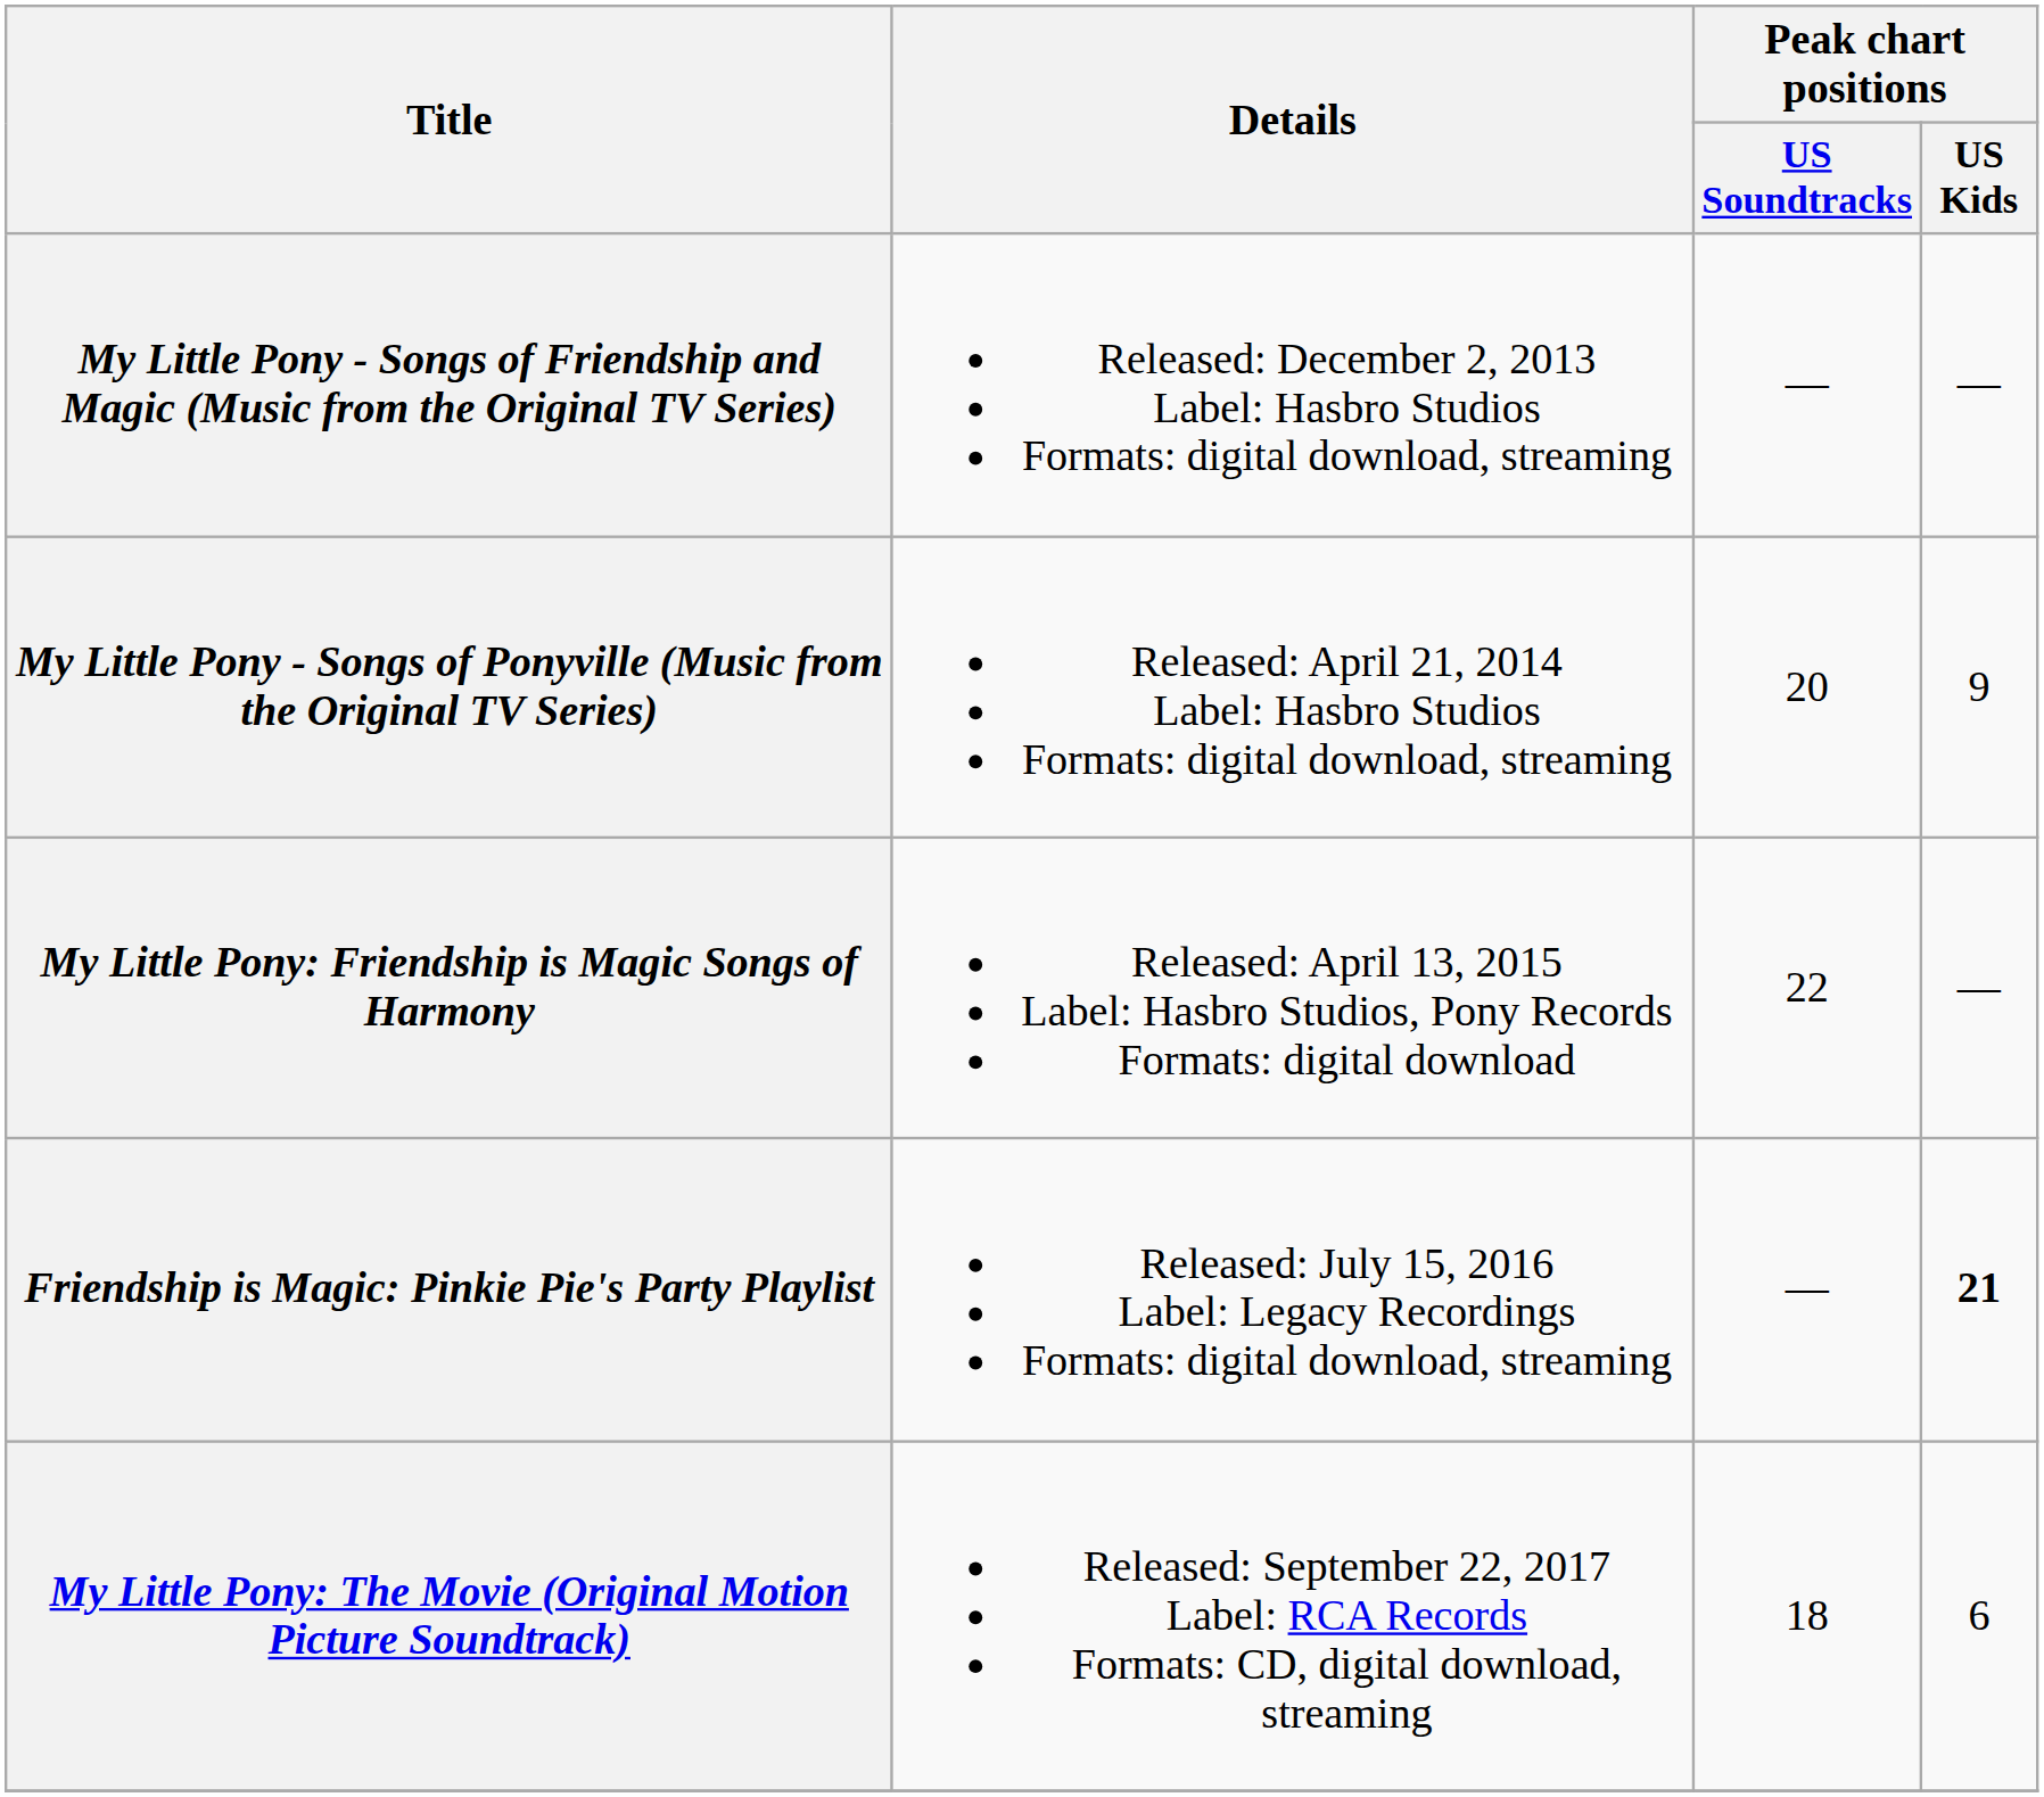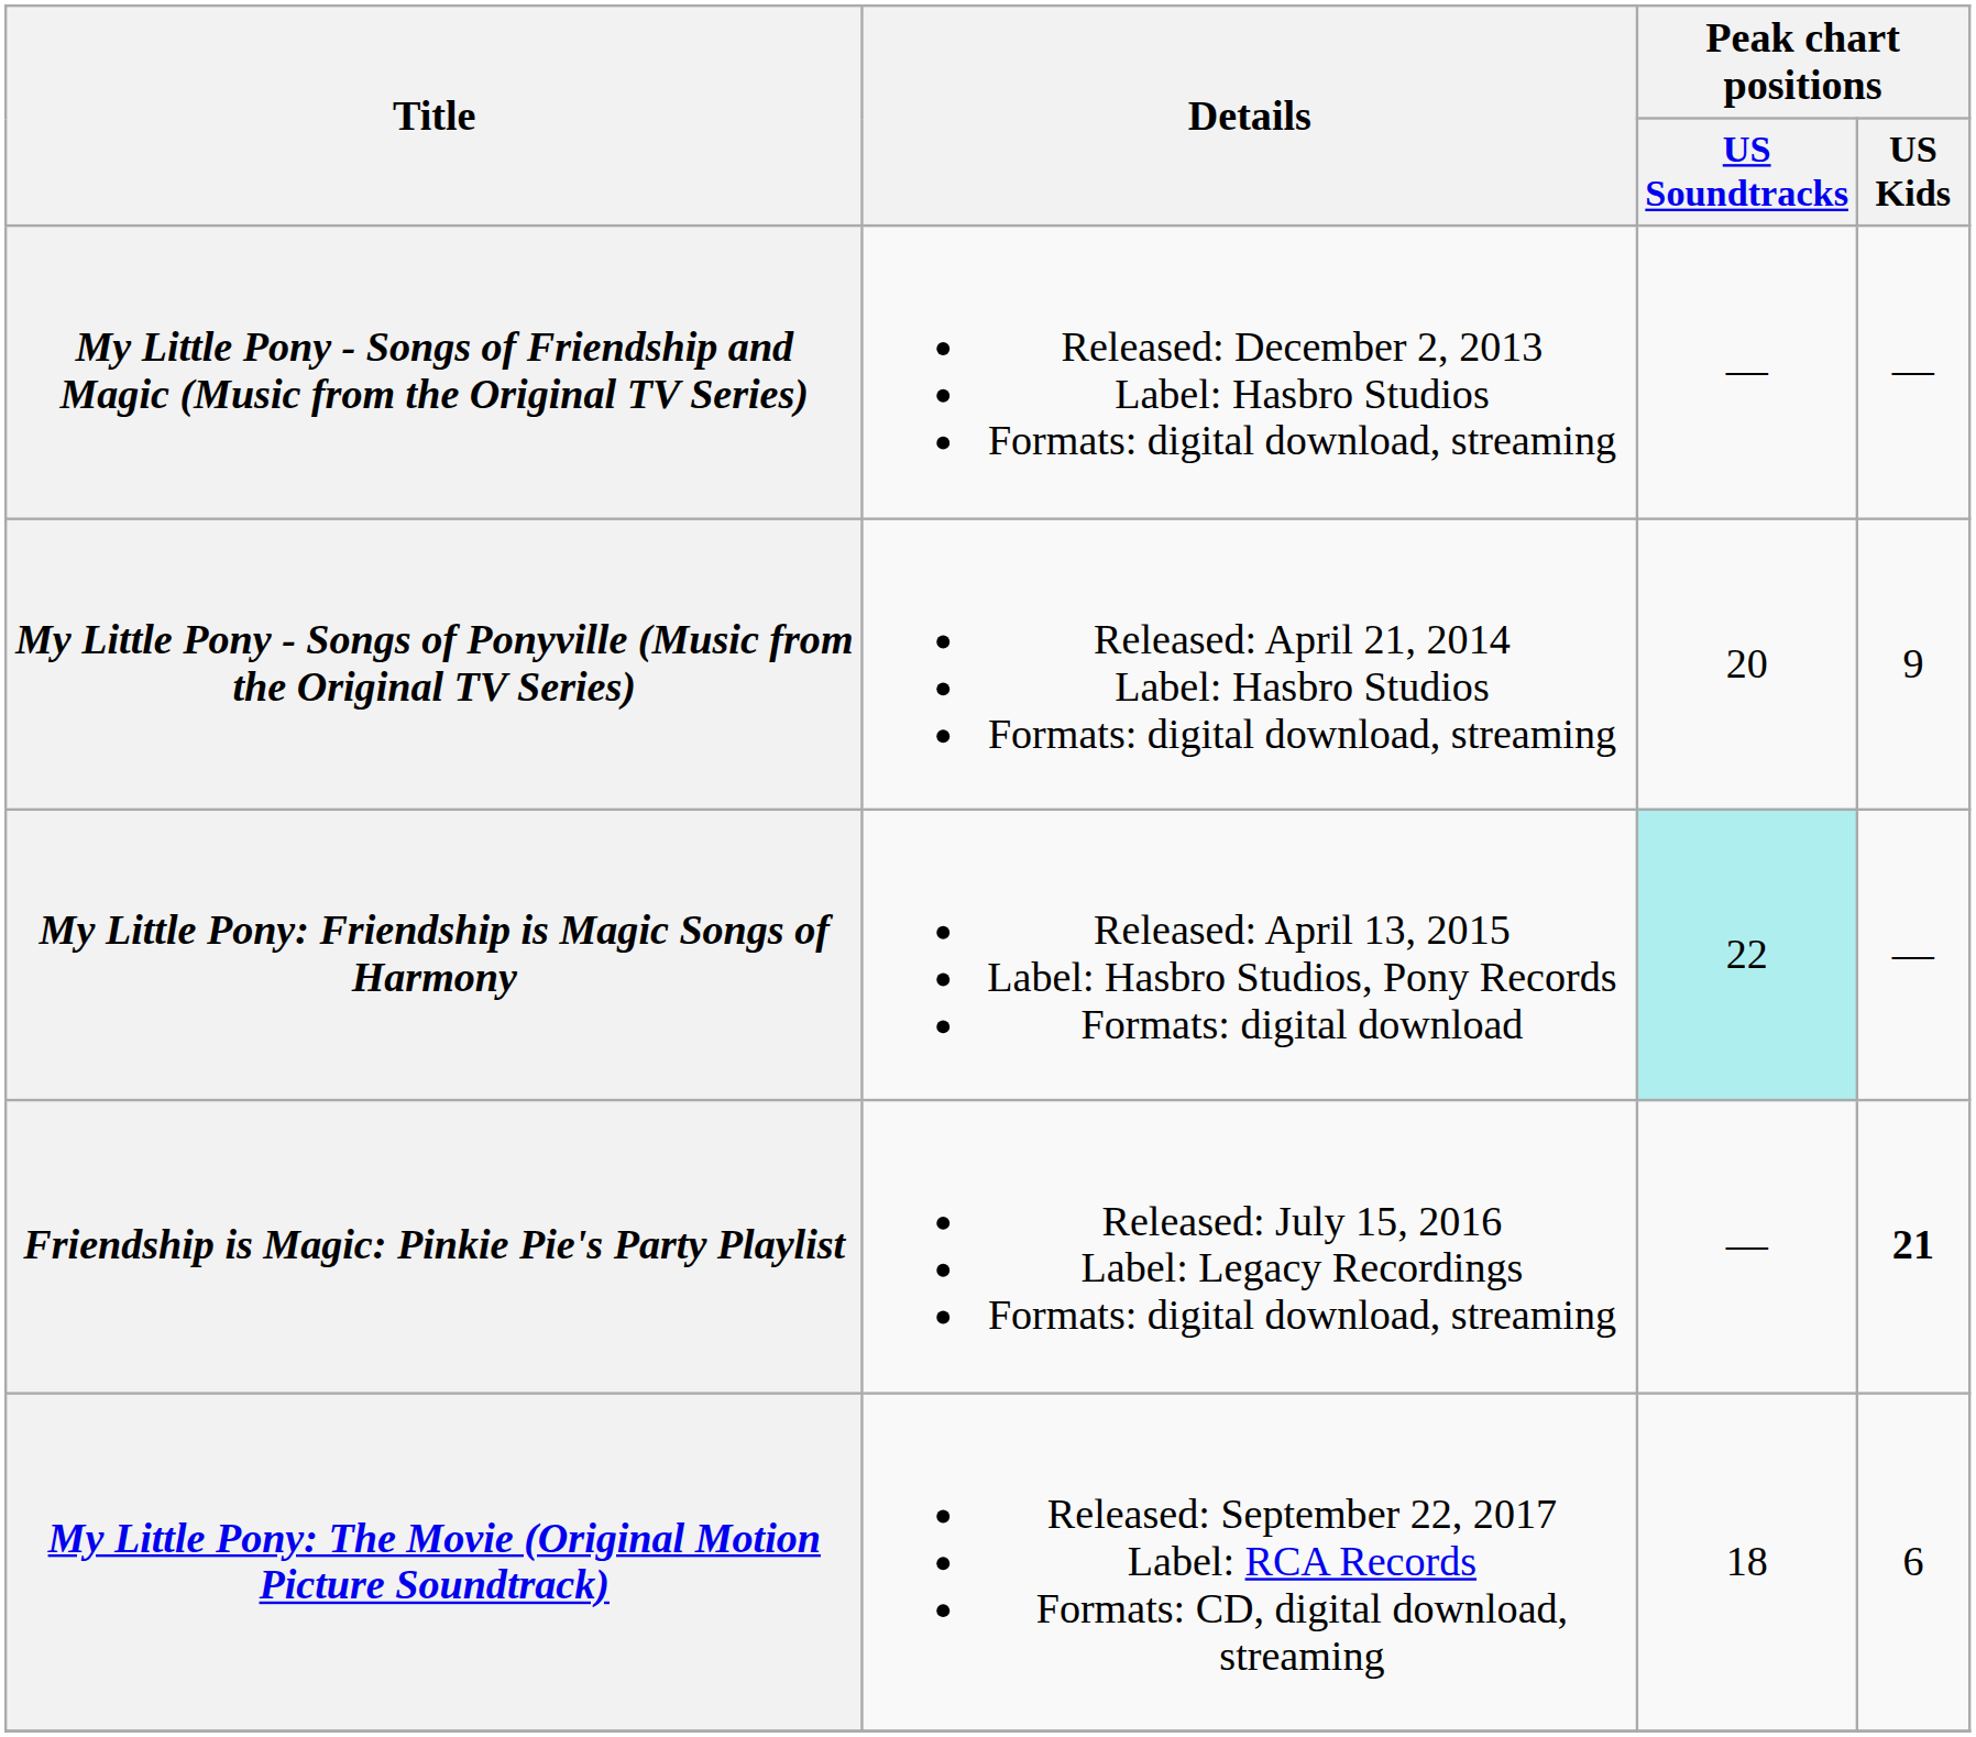 <table class="wikitable plainrowheaders" style="text-align:center;">
 <tr>
 <th rowspan="2" style="width:20em;">Title</th>
 <th rowspan="2" style="width:18em;">Details</th>
 <th colspan="2">Peak chart positions</th>
 </tr>
 <tr>
 <th scope="col" style="width:2.5em;font-size:90%;"><a href='#'>US<br>Soundtracks</a></th>
 <th scope="col" style="width:2.5em;font-size:90%;">US<br>Kids</th>
 </tr>
 <tr>
 <th scope="row"><em>My Little Pony - Songs of Friendship and Magic (Music from the Original TV Series)</em></th>
 <td><br><ul><li>Released: December 2, 2013</li><li>Label: Hasbro Studios</li><li>Formats: digital download, streaming</li></ul></td>
 <td>—</td>
 <td>—</td>
 </tr>
 <tr>
 <th scope="row"><em>My Little Pony - Songs of Ponyville (Music from the Original TV Series)</em></th>
 <td><br><ul><li>Released: April 21, 2014</li><li>Label: Hasbro Studios</li><li>Formats: digital download, streaming</li></ul></td>
 <td>20</td>
 <td>9</td>
 </tr>
 <tr>
 <th scope="row"><em>My Little Pony: Friendship is Magic Songs of Harmony</em></th>
 <td><br><ul><li>Released: April 13, 2015</li><li>Label: Hasbro Studios, Pony Records</li><li>Formats: digital download</li></ul></td>
-<td>22</td>
+<td style="background: paleturquoise;">22</td>
 <td>—</td>
 </tr>
 <tr>
 <th scope="row"><em>Friendship is Magic: Pinkie Pie's Party Playlist</em></th>
 <td><br><ul><li>Released: July 15, 2016</li><li>Label: Legacy Recordings</li><li>Formats: digital download, streaming</li></ul></td>
 <td>—</td>
 <td><strong>21</strong></td>
 </tr>
 <tr>
 <th scope="row"><em><a href='#'>My Little Pony: The Movie (Original Motion Picture Soundtrack)</a></em></th>
 <td><br><ul><li>Released: September 22, 2017</li><li>Label: <a href='#'>RCA Records</a></li><li>Formats: CD, digital download, streaming</li></ul></td>
 <td>18</td>
 <td>6</td>
 </tr>
 <tr>
 </tr>
 </table>
